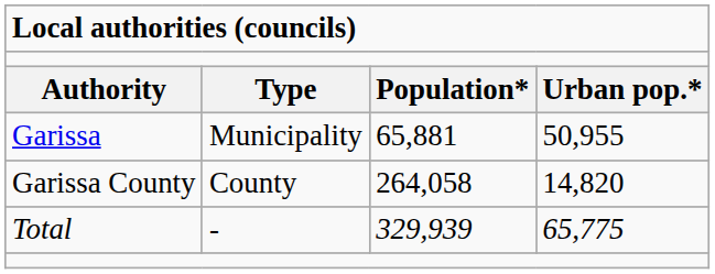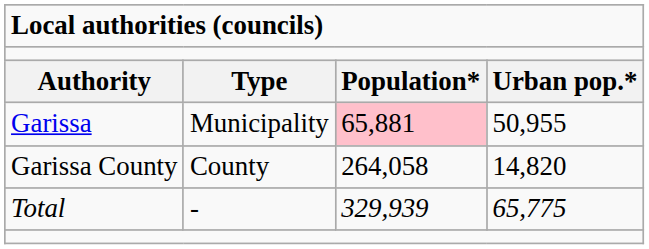 <table class="wikitable">
 <tr>
 <td colspan="5"><strong>Local authorities (councils)</strong></td>
 </tr>
 <tr>
 <td colspan="5"></td>
 </tr>
 <tr>
 <th>Authority</th>
 <th>Type</th>
 <th>Population*</th>
 <th>Urban pop.*</th>
 </tr>
 <tr>
 <td><a href='#'>Garissa</a></td>
 <td>Municipality</td>
-<td>65,881</td>
+<td style="background: pink;">65,881</td>
 <td>50,955</td>
 </tr>
 <tr>
 <td>Garissa County</td>
 <td>County</td>
 <td>264,058</td>
 <td>14,820</td>
 </tr>
 <tr>
 <td><em>Total</em></td>
 <td>-</td>
 <td><em>329,939</em></td>
 <td><em>65,775</em></td>
 </tr>
 <tr>
 <td colspan="5"></td>
 </tr>
 </table>
